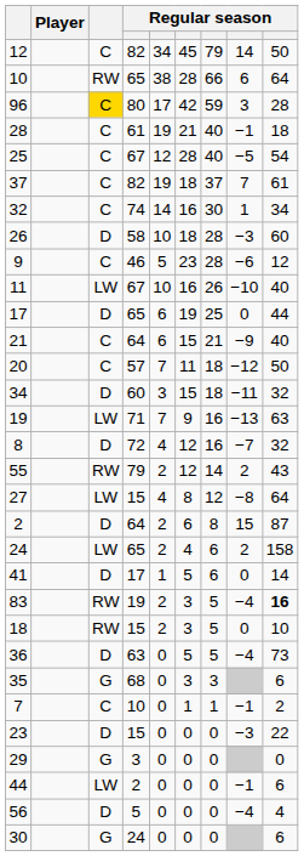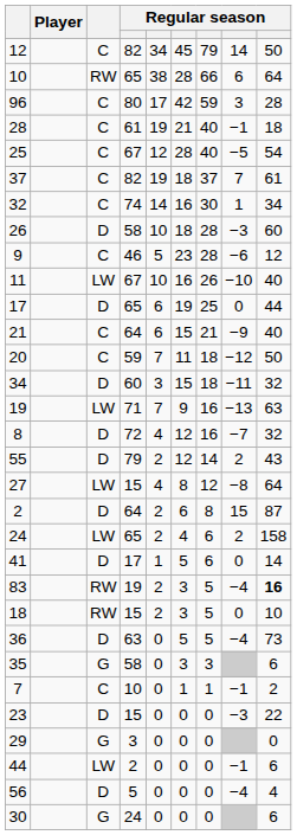 <table class="wikitable sortable plainrowheaders" style="text-align:center;">
 <tr>
 <th scope="col" data-sort-type="number" rowspan="2"></th>
 <th scope="col" rowspan="2">Player</th>
 <th scope="col" rowspan="2"></th>
 <th scope=colgroup colspan=6>Regular season</th>
 </tr>
 <tr>
 <th scope="col" data-sort-type="number"></th>
 <th scope="col" data-sort-type="number"></th>
 <th scope="col" data-sort-type="number"></th>
 <th scope="col" data-sort-type="number"></th>
 <th scope="col" data-sort-type="number"></th>
 <th scope="col" data-sort-type="number"></th>
 </tr>
 <tr>
 <td scope="row">12</td>
 <td align="left"></td>
 <td>C</td>
 <td>82</td>
 <td>34</td>
 <td>45</td>
 <td>79</td>
 <td>14</td>
 <td>50</td>
 </tr>
 <tr>
 <td scope="row">10</td>
 <td align="left"></td>
 <td>RW</td>
 <td>65</td>
 <td>38</td>
 <td>28</td>
 <td>66</td>
 <td>6</td>
 <td>64</td>
 </tr>
 <tr>
 <td scope="row">96</td>
 <td align="left"></td>
-<td style="background: gold;">C</td>
+<td>C</td>
 <td>80</td>
 <td>17</td>
 <td>42</td>
 <td>59</td>
 <td>3</td>
 <td>28</td>
 </tr>
 <tr>
 <td scope="row">28</td>
 <td align="left"></td>
 <td>C</td>
 <td>61</td>
 <td>19</td>
 <td>21</td>
 <td>40</td>
 <td>−1</td>
 <td>18</td>
 </tr>
 <tr>
 <td scope="row">25</td>
 <td align="left"></td>
 <td>C</td>
 <td>67</td>
 <td>12</td>
 <td>28</td>
 <td>40</td>
 <td>−5</td>
 <td>54</td>
 </tr>
 <tr>
 <td scope="row">37</td>
 <td align="left"></td>
 <td>C</td>
 <td>82</td>
 <td>19</td>
 <td>18</td>
 <td>37</td>
 <td>7</td>
 <td>61</td>
 </tr>
 <tr>
 <td scope="row">32</td>
 <td align="left"></td>
 <td>C</td>
 <td>74</td>
 <td>14</td>
 <td>16</td>
 <td>30</td>
 <td>1</td>
 <td>34</td>
 </tr>
 <tr>
 <td scope="row">26</td>
 <td align="left"></td>
 <td>D</td>
 <td>58</td>
 <td>10</td>
 <td>18</td>
 <td>28</td>
 <td>−3</td>
 <td>60</td>
 </tr>
 <tr>
 <td scope="row">9</td>
 <td align="left"></td>
 <td>C</td>
 <td>46</td>
 <td>5</td>
 <td>23</td>
 <td>28</td>
 <td>−6</td>
 <td>12</td>
 </tr>
 <tr>
 <td scope="row">11</td>
 <td align="left"></td>
 <td>LW</td>
 <td>67</td>
 <td>10</td>
 <td>16</td>
 <td>26</td>
 <td>−10</td>
 <td>40</td>
 </tr>
 <tr>
 <td scope="row">17</td>
 <td align="left"></td>
 <td>D</td>
 <td>65</td>
 <td>6</td>
 <td>19</td>
 <td>25</td>
 <td>0</td>
 <td>44</td>
 </tr>
 <tr>
 <td scope="row">21</td>
 <td align="left"></td>
 <td>C</td>
 <td>64</td>
 <td>6</td>
 <td>15</td>
 <td>21</td>
 <td>−9</td>
 <td>40</td>
 </tr>
 <tr>
 <td scope="row">20</td>
 <td align="left"></td>
 <td>C</td>
-<td>57</td>
+<td>59</td>
 <td>7</td>
 <td>11</td>
 <td>18</td>
 <td>−12</td>
 <td>50</td>
 </tr>
 <tr>
 <td scope="row">34</td>
 <td align="left"></td>
 <td>D</td>
 <td>60</td>
 <td>3</td>
 <td>15</td>
 <td>18</td>
 <td>−11</td>
 <td>32</td>
 </tr>
 <tr>
 <td scope="row">19</td>
 <td align="left"></td>
 <td>LW</td>
 <td>71</td>
 <td>7</td>
 <td>9</td>
 <td>16</td>
 <td>−13</td>
 <td>63</td>
 </tr>
 <tr>
 <td scope="row">8</td>
 <td align="left"></td>
 <td>D</td>
 <td>72</td>
 <td>4</td>
 <td>12</td>
 <td>16</td>
 <td>−7</td>
 <td>32</td>
 </tr>
 <tr>
 <td scope="row">55</td>
 <td align="left"></td>
-<td>RW</td>
+<td>D</td>
 <td>79</td>
 <td>2</td>
 <td>12</td>
 <td>14</td>
 <td>2</td>
 <td>43</td>
 </tr>
 <tr>
 <td scope="row">27</td>
 <td align="left"></td>
 <td>LW</td>
 <td>15</td>
 <td>4</td>
 <td>8</td>
 <td>12</td>
 <td>−8</td>
 <td>64</td>
 </tr>
 <tr>
 <td scope="row">2</td>
 <td align="left"></td>
 <td>D</td>
 <td>64</td>
 <td>2</td>
 <td>6</td>
 <td>8</td>
 <td>15</td>
 <td>87</td>
 </tr>
 <tr>
 <td scope="row">24</td>
 <td align="left"></td>
 <td>LW</td>
 <td>65</td>
 <td>2</td>
 <td>4</td>
 <td>6</td>
 <td>2</td>
 <td>158</td>
 </tr>
 <tr>
 <td scope="row">41</td>
 <td align="left"></td>
 <td>D</td>
 <td>17</td>
 <td>1</td>
 <td>5</td>
 <td>6</td>
 <td>0</td>
 <td>14</td>
 </tr>
 <tr>
 <td scope="row">83</td>
 <td align="left"></td>
 <td>RW</td>
 <td>19</td>
 <td>2</td>
 <td>3</td>
 <td>5</td>
 <td>−4</td>
 <td><strong>16</strong></td>
 </tr>
 <tr>
 <td scope="row">18</td>
 <td align="left"></td>
 <td>RW</td>
 <td>15</td>
 <td>2</td>
 <td>3</td>
 <td>5</td>
 <td>0</td>
 <td>10</td>
 </tr>
 <tr>
 <td scope="row">36</td>
 <td align="left"></td>
 <td>D</td>
 <td>63</td>
 <td>0</td>
 <td>5</td>
 <td>5</td>
 <td>−4</td>
 <td>73</td>
 </tr>
 <tr>
 <td scope="row">35</td>
 <td align="left"></td>
 <td>G</td>
-<td>68</td>
+<td>58</td>
 <td>0</td>
 <td>3</td>
 <td>3</td>
 <td style="background:#ccc"></td>
 <td>6</td>
 </tr>
 <tr>
 <td scope="row">7</td>
 <td align="left"></td>
 <td>C</td>
 <td>10</td>
 <td>0</td>
 <td>1</td>
 <td>1</td>
 <td>−1</td>
 <td>2</td>
 </tr>
 <tr>
 <td scope="row">23</td>
 <td align="left"></td>
 <td>D</td>
 <td>15</td>
 <td>0</td>
 <td>0</td>
 <td>0</td>
 <td>−3</td>
 <td>22</td>
 </tr>
 <tr>
 <td scope="row">29</td>
 <td align="left"></td>
 <td>G</td>
 <td>3</td>
 <td>0</td>
 <td>0</td>
 <td>0</td>
 <td style="background:#ccc"></td>
 <td>0</td>
 </tr>
 <tr>
 <td scope="row">44</td>
 <td align="left"></td>
 <td>LW</td>
 <td>2</td>
 <td>0</td>
 <td>0</td>
 <td>0</td>
 <td>−1</td>
 <td>6</td>
 </tr>
 <tr>
 <td scope="row">56</td>
 <td align="left"></td>
 <td>D</td>
 <td>5</td>
 <td>0</td>
 <td>0</td>
 <td>0</td>
 <td>−4</td>
 <td>4</td>
 </tr>
 <tr>
 <td scope="row">30</td>
 <td align="left"></td>
 <td>G</td>
 <td>24</td>
 <td>0</td>
 <td>0</td>
 <td>0</td>
 <td style="background:#ccc"></td>
 <td>6</td>
 </tr>
 </table>
